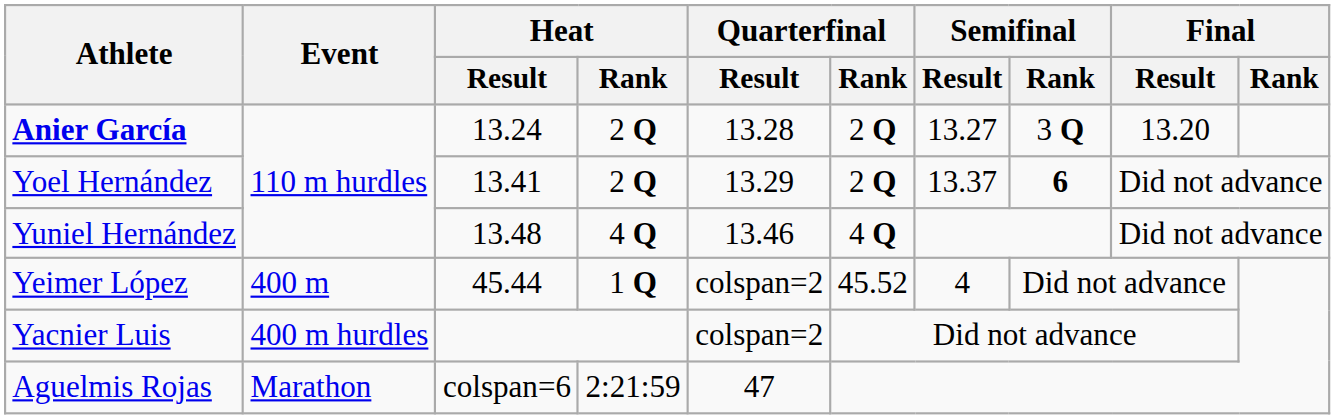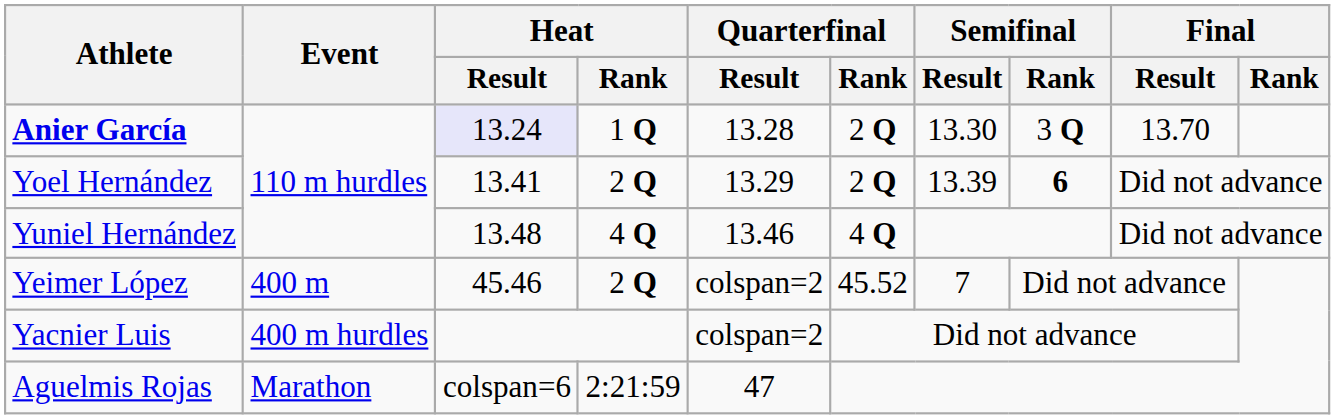 <table class=wikitable style="font-size:90%">
 <tr>
 <th rowspan="2">Athlete</th>
 <th rowspan="2">Event</th>
 <th colspan="2">Heat</th>
 <th colspan="2">Quarterfinal</th>
 <th colspan="2">Semifinal</th>
 <th colspan="2">Final</th>
 </tr>
 <tr style="font-size:95%">
 <th>Result</th>
 <th>Rank</th>
 <th>Result</th>
 <th>Rank</th>
 <th>Result</th>
 <th>Rank</th>
 <th>Result</th>
 <th>Rank</th>
 </tr>
 <tr align=center>
 <td align=left><strong><a href='#'>Anier García</a></strong></td>
 <td align=left rowspan=3><a href='#'>110 m hurdles</a></td>
-<td>13.24</td>
-<td>2 <strong>Q</strong></td>
+<td style="background: lavender;">13.24</td>
+<td>1 <strong>Q</strong></td>
 <td>13.28</td>
 <td>2 <strong>Q</strong></td>
-<td>13.27</td>
+<td>13.30</td>
 <td>3 <strong>Q</strong></td>
-<td>13.20</td>
+<td>13.70</td>
 <td></td>
 </tr>
 <tr align=center>
 <td align=left><a href='#'>Yoel Hernández</a></td>
 <td>13.41</td>
 <td>2 <strong>Q</strong></td>
 <td>13.29</td>
 <td>2 <strong>Q</strong></td>
-<td>13.37</td>
+<td>13.39</td>
 <td><strong>6</strong></td>
 <td colspan=2>Did not advance</td>
 </tr>
 <tr align=center>
 <td align=left><a href='#'>Yuniel Hernández</a></td>
 <td>13.48</td>
 <td>4 <strong>Q</strong></td>
 <td>13.46</td>
 <td>4 <strong>Q</strong></td>
 <td colspan=2></td>
 <td colspan=2>Did not advance</td>
 </tr>
 <tr align=center>
 <td align=left><a href='#'>Yeimer López</a></td>
 <td align=left><a href='#'>400 m</a></td>
-<td>45.44</td>
-<td>1 <strong>Q</strong></td>
+<td>45.46</td>
+<td>2 <strong>Q</strong></td>
 <td>colspan=2 </td>
 <td>45.52</td>
-<td>4</td>
+<td>7</td>
 <td colspan=2>Did not advance</td>
 </tr>
 <tr align=center>
 <td align=left><a href='#'>Yacnier Luis</a></td>
 <td align=left><a href='#'>400 m hurdles</a></td>
 <td colspan=2></td>
 <td>colspan=2 </td>
 <td colspan=4>Did not advance</td>
 </tr>
 <tr align=center>
 <td align=left><a href='#'>Aguelmis Rojas</a></td>
 <td align=left><a href='#'>Marathon</a></td>
 <td>colspan=6 </td>
 <td>2:21:59</td>
 <td>47</td>
 </tr>
 </table>
